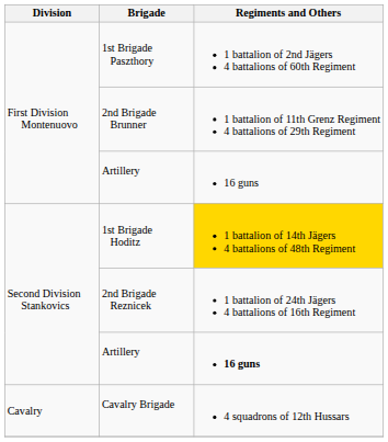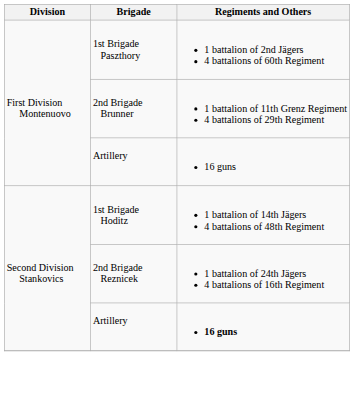 <table class="wikitable">
 <tr>
 <th width=25%>Division</th>
 <th width=25%>Brigade</th>
 <th>Regiments and Others</th>
 </tr>
 <tr>
 <td rowspan=3><br>First Division <br>     Montenuovo</td>
 <td>1st Brigade<br>   Paszthory</td>
 <td><br><ul><li>1 battalion of 2nd Jägers</li><li>4 battalions of 60th Regiment</li></ul></td>
 </tr>
 <tr>
 <td>2nd Brigade<br>   Brunner</td>
 <td><br><ul><li>1 battalion of 11th Grenz Regiment</li><li>4 battalions of 29th Regiment</li></ul></td>
 </tr>
 <tr>
 <td>Artillery<br>  </td>
 <td><br><ul><li>16 guns</li></ul></td>
 </tr>
 <tr>
 <td rowspan=3><br>Second Division <br>     Stankovics</td>
 <td>1st Brigade<br>   Hoditz</td>
-<td style="background: gold;"><br><ul><li>1 battalion of 14th Jägers</li><li>4 battalions of 48th Regiment</li></ul></td>
+<td><br><ul><li>1 battalion of 14th Jägers</li><li>4 battalions of 48th Regiment</li></ul></td>
 </tr>
 <tr>
 <td>2nd Brigade<br>   Reznicek</td>
 <td><br><ul><li>1 battalion of 24th Jägers</li><li>4 battalions of 16th Regiment</li></ul></td>
 </tr>
 <tr>
 <td>Artillery<br>  </td>
 <td><strong><br><ul><li>16 guns</li></ul></strong></td>
 </tr>
 <tr>
-<td rowspan=1><br>Cavalry <br>    </td>
-<td>Cavalry Brigade<br>  </td>
-<td><br><ul><li>4 squadrons of 12th Hussars</li></ul></td>
-</tr>
-<tr>
 </tr>
 </table>
